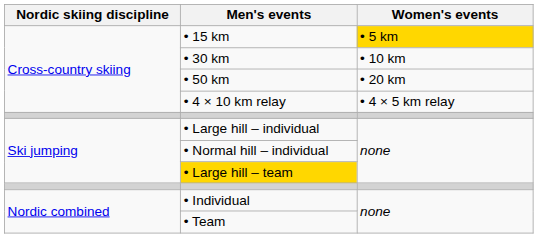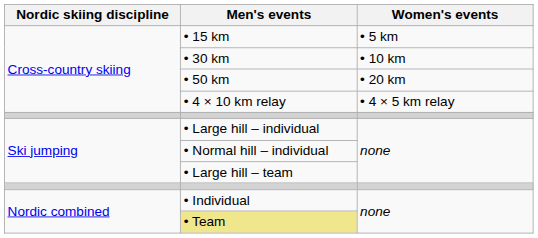 <table class="wikitable">
 <tr>
 <th width=200!>Nordic skiing discipline</th>
 <th width=200!>Men's events</th>
 <th width=200!>Women's events</th>
 </tr>
 <tr>
 <td rowspan=4><a href='#'>Cross-country skiing</a></td>
 <td>• 15 km</td>
-<td style="background: gold;">• 5 km</td>
+<td>• 5 km</td>
 </tr>
 <tr>
 <td>• 30 km</td>
 <td>• 10 km</td>
 </tr>
 <tr>
 <td>• 50 km</td>
 <td>• 20 km</td>
 </tr>
 <tr>
 <td>• 4 × 10 km relay</td>
 <td>• 4 × 5 km relay</td>
 </tr>
 <tr bgcolor=lightgray>
 <td></td>
 <td></td>
 <td></td>
 </tr>
 <tr>
 <td rowspan=3><a href='#'>Ski jumping</a></td>
 <td>• Large hill – individual</td>
 <td rowspan=3><em>none</em></td>
 </tr>
 <tr>
 <td>• Normal hill – individual</td>
 </tr>
 <tr>
-<td style="background: gold;">• Large hill – team</td>
+<td>• Large hill – team</td>
 </tr>
 <tr bgcolor=lightgray>
 <td></td>
 <td></td>
 <td></td>
 </tr>
 <tr>
 <td rowspan=2><a href='#'>Nordic combined</a></td>
 <td>• Individual</td>
 <td rowspan=2><em>none</em></td>
 </tr>
 <tr>
-<td>• Team</td>
+<td style="background: khaki;">• Team</td>
 </tr>
 </table>
